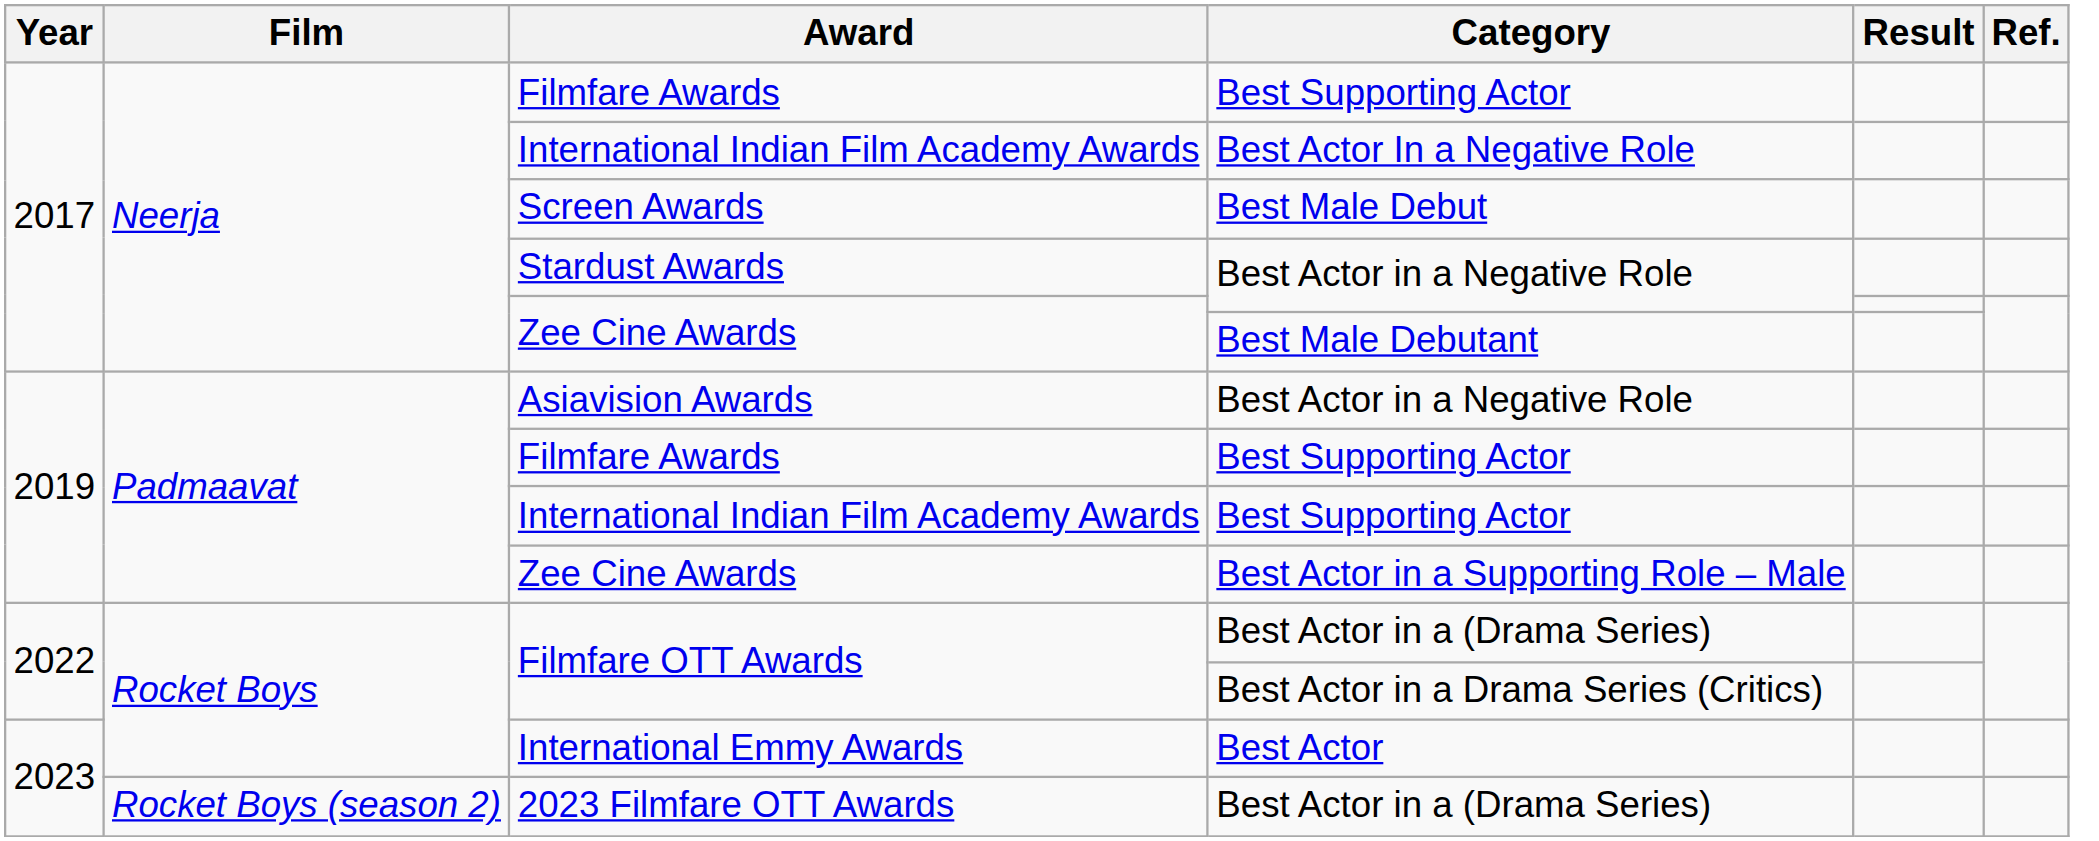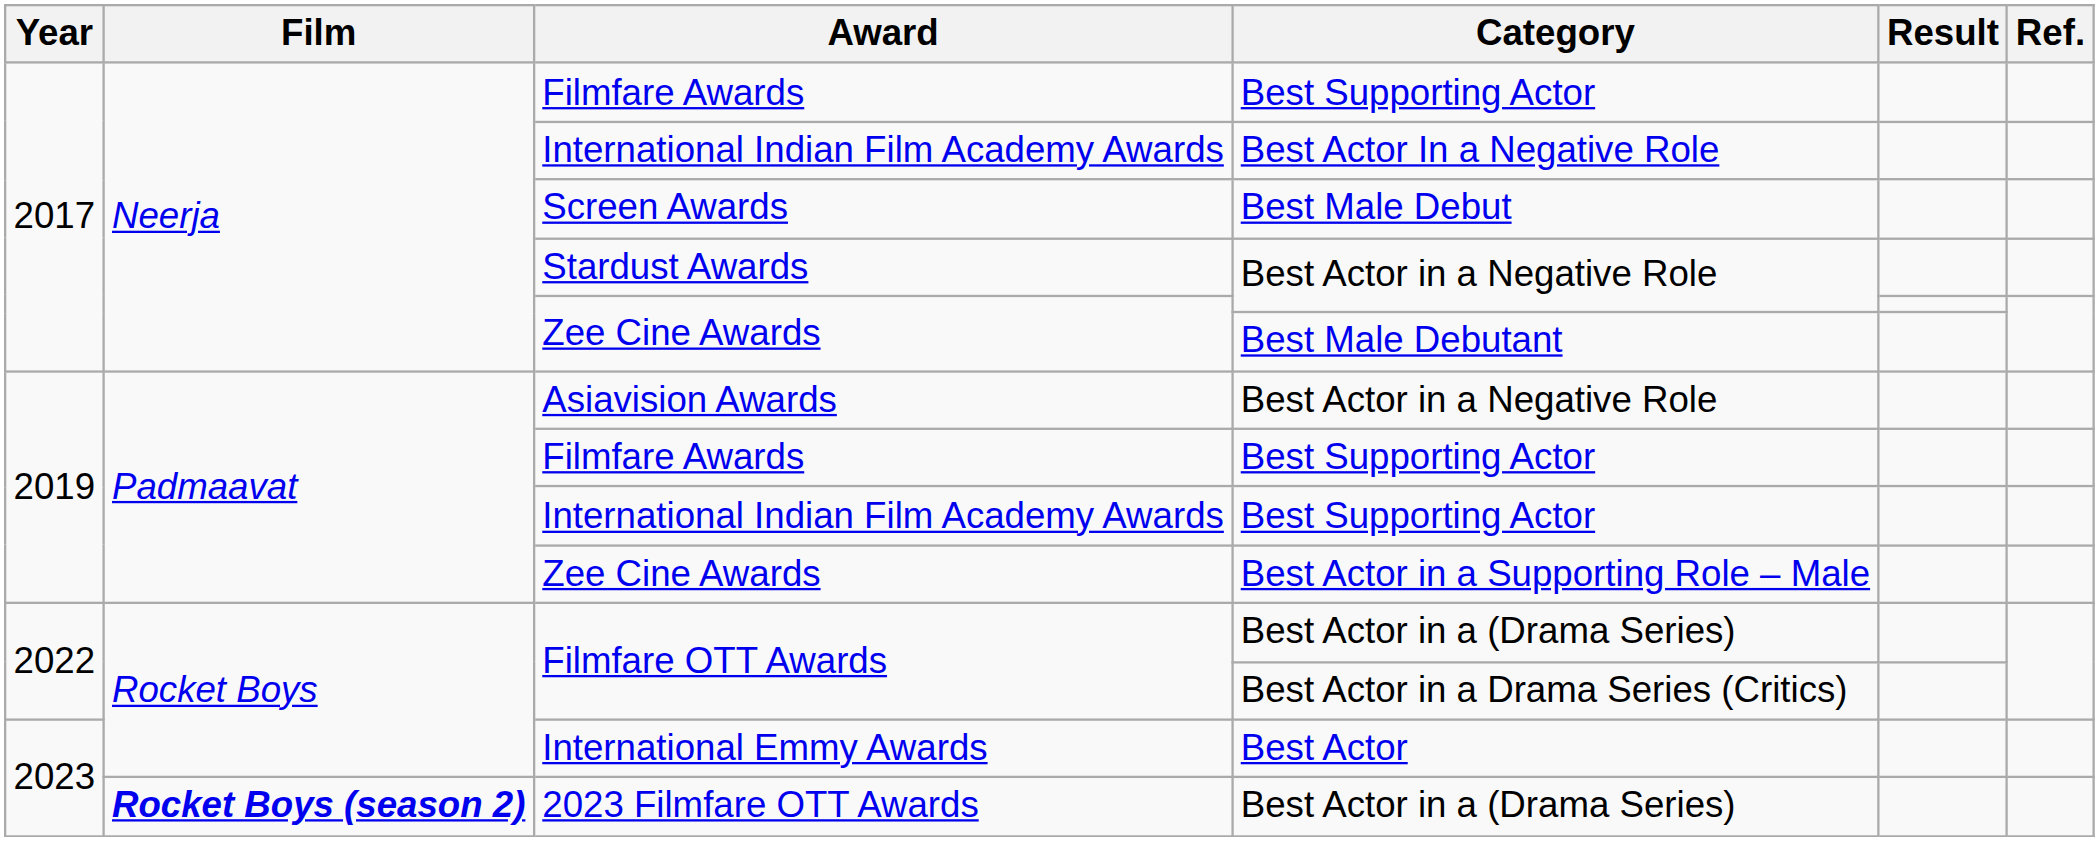 <table class="wikitable sortable">
 <tr>
 <th>Year</th>
 <th>Film</th>
 <th>Award</th>
 <th>Category</th>
 <th>Result</th>
 <th>Ref.</th>
 </tr>
 <tr>
 <td rowspan="6">2017</td>
 <td rowspan="6"><em><a href='#'>Neerja</a></em></td>
 <td><a href='#'>Filmfare Awards</a></td>
 <td><a href='#'>Best Supporting Actor</a></td>
 <td></td>
 <td></td>
 </tr>
 <tr>
 <td><a href='#'>International Indian Film Academy Awards</a></td>
 <td><a href='#'>Best Actor In a Negative Role</a></td>
 <td></td>
 <td></td>
 </tr>
 <tr>
 <td><a href='#'>Screen Awards</a></td>
 <td><a href='#'>Best Male Debut</a></td>
 <td></td>
 <td></td>
 </tr>
 <tr>
 <td><a href='#'>Stardust Awards</a></td>
 <td rowspan="2">Best Actor in a Negative Role</td>
 <td></td>
 <td></td>
 </tr>
 <tr>
 <td rowspan="2"><a href='#'>Zee Cine Awards</a></td>
 <td></td>
 <td rowspan="2"></td>
 </tr>
 <tr>
 <td><a href='#'>Best Male Debutant</a></td>
 <td></td>
 </tr>
 <tr>
 <td rowspan="4">2019</td>
 <td rowspan="4"><em><a href='#'>Padmaavat</a></em></td>
 <td><a href='#'>Asiavision Awards</a></td>
 <td>Best Actor in a Negative Role</td>
 <td></td>
 <td></td>
 </tr>
 <tr>
 <td><a href='#'>Filmfare Awards</a></td>
 <td><a href='#'>Best Supporting Actor</a></td>
 <td></td>
 <td></td>
 </tr>
 <tr>
 <td><a href='#'>International Indian Film Academy Awards</a></td>
 <td><a href='#'>Best Supporting Actor</a></td>
 <td></td>
 <td></td>
 </tr>
 <tr>
 <td><a href='#'>Zee Cine Awards</a></td>
 <td><a href='#'>Best Actor in a Supporting Role – Male</a></td>
 <td></td>
 <td></td>
 </tr>
 <tr>
 <td rowspan="2">2022</td>
 <td rowspan="3"><em><a href='#'>Rocket Boys</a></em></td>
 <td rowspan="2"><a href='#'>Filmfare OTT Awards</a></td>
 <td>Best Actor in a (Drama Series)</td>
 <td></td>
 <td rowspan="2"></td>
 </tr>
 <tr>
 <td>Best Actor in a Drama Series (Critics)</td>
 <td></td>
 </tr>
 <tr>
 <td rowspan="2">2023</td>
 <td><a href='#'>International Emmy Awards</a></td>
 <td><a href='#'>Best Actor</a></td>
 <td></td>
 <td></td>
 </tr>
 <tr>
-<td><em><a href='#'>Rocket Boys (season 2)</a></em></td>
+<td><strong><em><a href='#'>Rocket Boys (season 2)</a></em></strong></td>
 <td><a href='#'>2023 Filmfare OTT Awards</a></td>
 <td>Best Actor in a (Drama Series)</td>
 <td></td>
 <td></td>
 </tr>
 </table>
